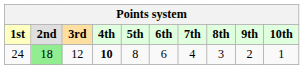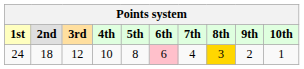 <table class="wikitable" style="font-size:95%; text-align:center">
 <tr>
 <th colspan="19">Points system</th>
 </tr>
 <tr>
 <td style="background:#ffffbf;"> <strong>1st</strong> </td>
 <td style="background:#dfdfdf;"> <strong>2nd</strong> </td>
 <td style="background:#ffdf9f;"> <strong>3rd</strong> </td>
 <td style="background:#dfffdf;"> <strong>4th</strong> </td>
 <td style="background:#dfffdf;"> <strong>5th</strong> </td>
 <td style="background:#dfffdf;"> <strong>6th</strong> </td>
 <td style="background:#dfffdf;"> <strong>7th</strong> </td>
 <td style="background:#dfffdf;"> <strong>8th</strong> </td>
 <td style="background:#dfffdf;"> <strong>9th</strong> </td>
 <td style="background:#dfffdf;"> <strong>10th</strong> </td>
 </tr>
 <tr>
 <td>24</td>
-<td style="background: lightgreen;">18</td>
+<td>18</td>
 <td>12</td>
-<td><strong>10</strong></td>
+<td>10</td>
 <td>8</td>
-<td>6</td>
+<td style="background: pink;">6</td>
 <td>4</td>
-<td>3</td>
+<td style="background: gold;">3</td>
 <td>2</td>
 <td>1</td>
 </tr>
 </table>
